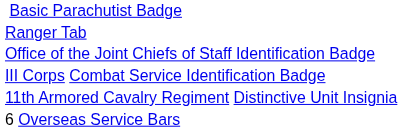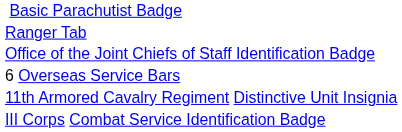 <table>
 <tr>
 <td> <a href='#'>Basic Parachutist Badge</a></td>
 </tr>
 <tr>
 <td> <a href='#'>Ranger Tab</a></td>
 </tr>
 <tr>
 <td> <a href='#'>Office of the Joint Chiefs of Staff Identification Badge</a></td>
 </tr>
 <tr>
-<td> <a href='#'>III Corps</a> <a href='#'>Combat Service Identification Badge</a></td>
+<td> 6 <a href='#'>Overseas Service Bars</a></td>
 </tr>
 <tr>
 <td> <a href='#'>11th Armored Cavalry Regiment</a> <a href='#'>Distinctive Unit Insignia</a></td>
 </tr>
 <tr>
-<td> 6 <a href='#'>Overseas Service Bars</a></td>
+<td> <a href='#'>III Corps</a> <a href='#'>Combat Service Identification Badge</a></td>
 </tr>
 </table>
